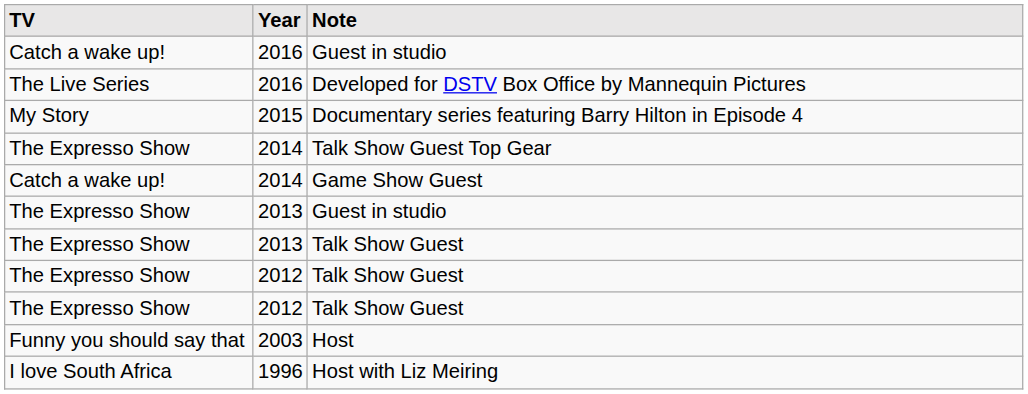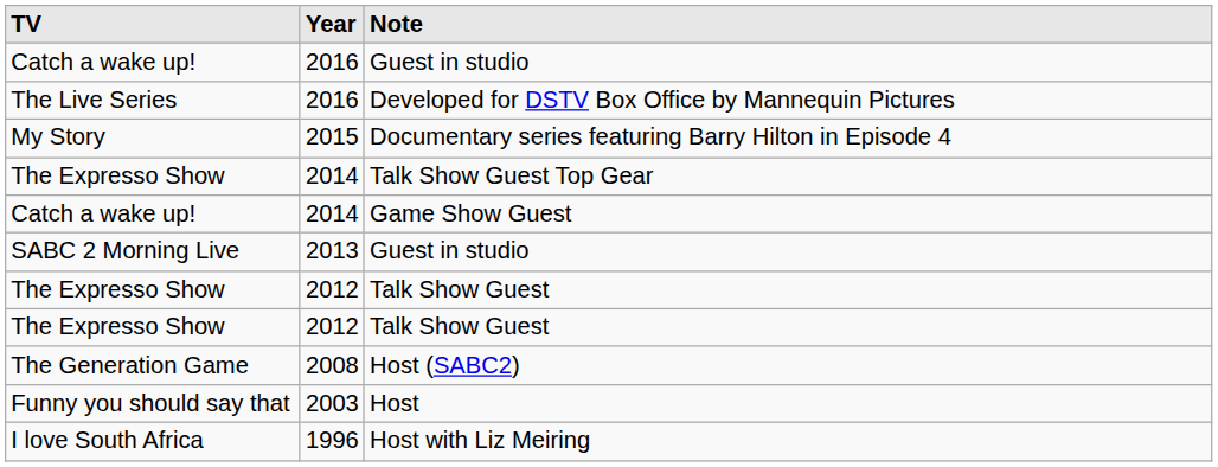 <table class="wikitable" style= style="width:70%;">
 <tr style="background:#e8e7e7;">
 <td scope="col" style="width:190px;"><strong>TV</strong></td>
 <td scope="col" style="width:30px;"><strong>Year</strong></td>
 <td scope="col" style="width:560px;"><strong>Note</strong></td>
 </tr>
 <tr>
 <td>Catch a wake up!</td>
 <td>2016</td>
 <td>Guest in studio</td>
 </tr>
 <tr>
 <td>The Live Series</td>
 <td>2016</td>
 <td>Developed for <a href='#'>DSTV</a> Box Office by Mannequin Pictures</td>
 </tr>
 <tr>
 <td>My Story</td>
 <td>2015</td>
 <td>Documentary series featuring Barry Hilton in Episode 4</td>
 </tr>
 <tr>
 <td>The Expresso Show</td>
 <td>2014</td>
 <td>Talk Show Guest Top Gear</td>
 </tr>
 <tr>
 <td>Catch a wake up!</td>
 <td>2014</td>
 <td>Game Show Guest</td>
 </tr>
 <tr>
-<td>The Expresso Show</td>
+<td>SABC 2 Morning Live</td>
 <td>2013</td>
 <td>Guest in studio</td>
-</tr>
-<tr>
-<td>The Expresso Show</td>
-<td>2013</td>
-<td>Talk Show Guest</td>
 </tr>
 <tr>
 <td>The Expresso Show</td>
 <td>2012</td>
 <td>Talk Show Guest</td>
 </tr>
 <tr>
 <td>The Expresso Show</td>
 <td>2012</td>
 <td>Talk Show Guest</td>
 </tr>
 <tr>
+<td>The Generation Game</td>
+<td>2008</td>
+<td>Host (<a href='#'>SABC2</a>)</td>
+</tr>
+<tr>
 <td>Funny you should say that</td>
 <td>2003</td>
 <td>Host</td>
 </tr>
 <tr>
 <td>I love South Africa</td>
 <td>1996</td>
 <td>Host with Liz Meiring</td>
 </tr>
 </table>
